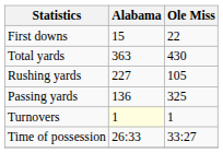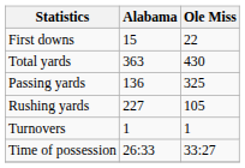 <table class="wikitable" style="float: left;">
 <tr>
 <th>Statistics</th>
 <th>Alabama</th>
 <th>Ole Miss</th>
 </tr>
 <tr>
 <td>First downs</td>
 <td>15</td>
 <td>22</td>
 </tr>
 <tr>
 <td>Total yards</td>
 <td>363</td>
 <td>430</td>
 </tr>
 <tr>
+<td>Passing yards</td>
+<td>136</td>
+<td>325</td>
+</tr>
+<tr>
 <td>Rushing yards</td>
 <td>227</td>
 <td>105</td>
 </tr>
 <tr>
-<td>Passing yards</td>
-<td>136</td>
-<td>325</td>
-</tr>
-<tr>
 <td>Turnovers</td>
-<td style="background: lightyellow;">1</td>
+<td>1</td>
 <td>1</td>
 </tr>
 <tr>
 <td>Time of possession</td>
 <td>26:33</td>
 <td>33:27</td>
 </tr>
 <tr>
 </tr>
 </table>
